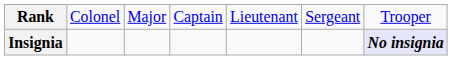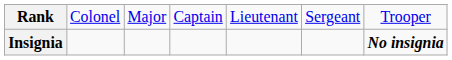 <table class="wikitable">
 <tr style="text-align:center;">
 <th>Rank</th>
 <td><a href='#'>Colonel</a></td>
 <td><a href='#'>Major</a></td>
 <td><a href='#'>Captain</a></td>
 <td><a href='#'>Lieutenant</a></td>
 <td><a href='#'>Sergeant</a></td>
 <td><a href='#'>Trooper</a></td>
 </tr>
 <tr style="text-align:center;">
 <th>Insignia</th>
 <td></td>
 <td></td>
 <td></td>
 <td></td>
 <td></td>
-<td style="background: lavender;"><strong><em>No insignia</em></strong></td>
+<td><strong><em>No insignia</em></strong></td>
 </tr>
 </table>
